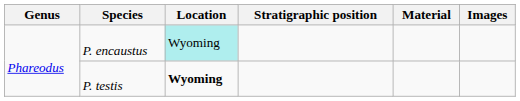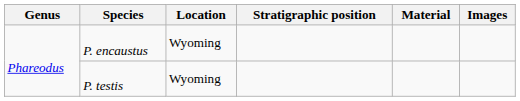 <table class="wikitable sortable mw-collapsible" style="margin:auto; width:100%">
 <tr>
 <th>Genus</th>
 <th>Species</th>
 <th>Location</th>
 <th>Stratigraphic position</th>
 <th>Material</th>
 <th>Images</th>
 </tr>
 <tr>
 <td rowspan=2><br><em><a href='#'>Phareodus</a></em></td>
 <td><br><em>P. encaustus</em></td>
-<td style="background: paleturquoise;">Wyoming</td>
+<td>Wyoming</td>
 <td></td>
 <td></td>
 <td></td>
 </tr>
 <tr>
 <td><br><em>P. testis</em></td>
-<td><strong>Wyoming</strong></td>
+<td>Wyoming</td>
 <td></td>
 <td></td>
 <td></td>
 </tr>
 </table>
